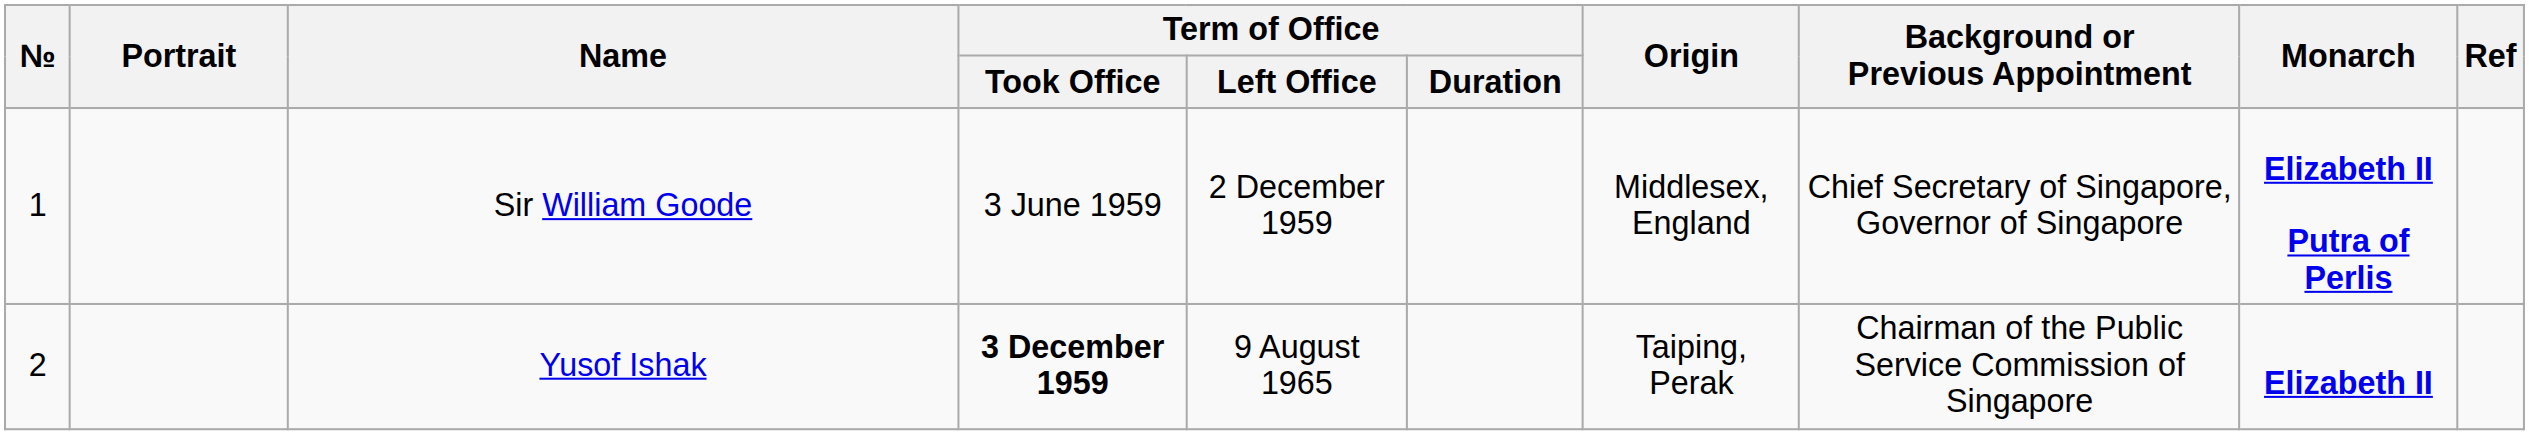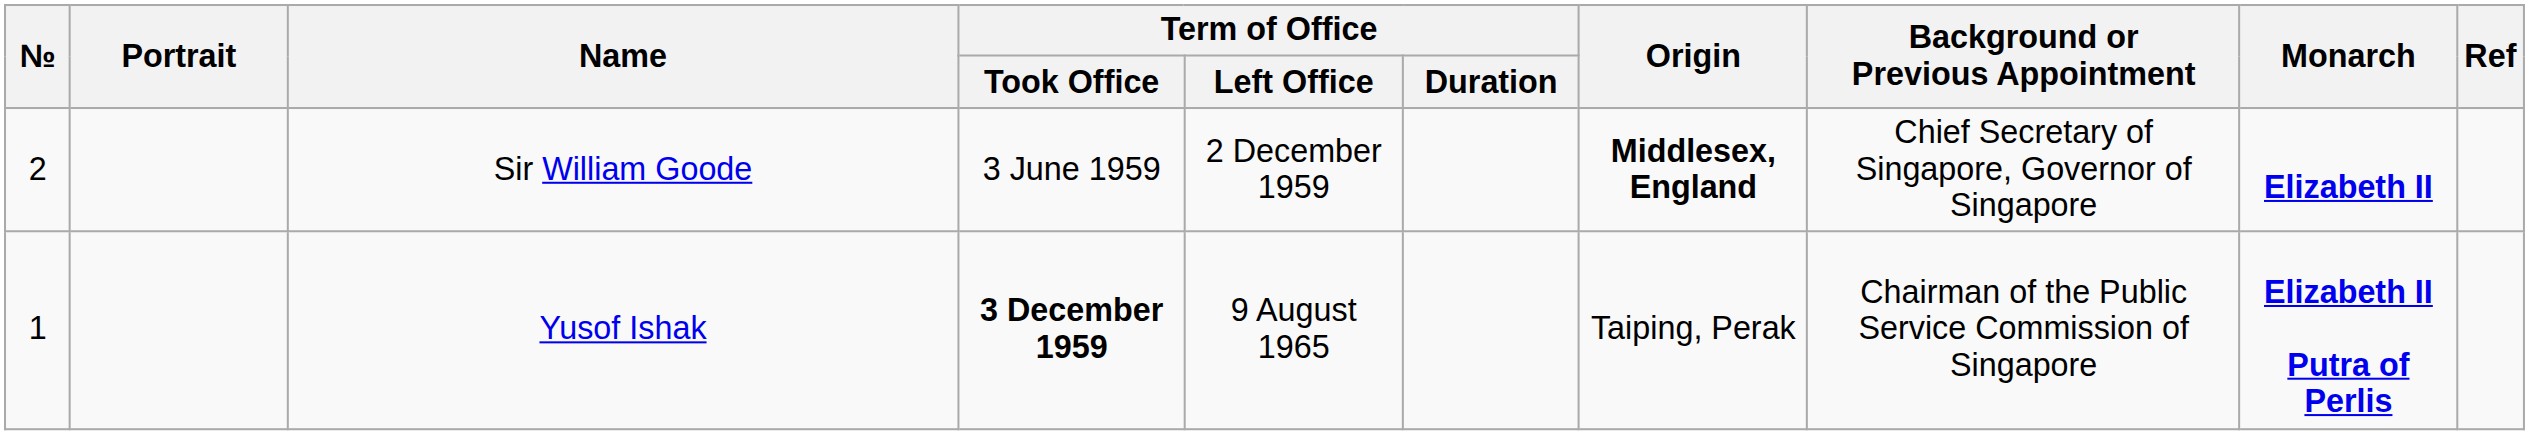 <table class=wikitable style=text-align:center>
 <tr>
 <th rowspan=2 width=25px><strong>№</strong></th>
 <th rowspan=2 width=100px>Portrait</th>
 <th rowspan=2 width=325px>Name<br></th>
 <th colspan=3 width=400px>Term of Office</th>
 <th rowspan=2>Origin</th>
 <th rowspan=2>Background or<br>Previous Appointment</th>
 <th rowspan=2 width=100px>Monarch</th>
 <th rowspan=2>Ref</th>
 </tr>
 <tr>
 <th>Took Office</th>
 <th>Left Office</th>
 <th width=80px>Duration</th>
 </tr>
 <tr>
-<td>1</td>
+<td>2</td>
 <td></td>
 <td>Sir <a href='#'>William Goode</a><br></td>
 <td>3 June 1959</td>
 <td>2 December 1959</td>
 <td></td>
-<td>Middlesex, England</td>
+<td><strong>Middlesex, England</strong></td>
 <td>Chief Secretary of Singapore, Governor of Singapore</td>
-<td><br><strong><a href='#'>Elizabeth II</a></strong><br><br>  <strong><a href='#'>Putra of Perlis</a></strong><br></td>
+<td><br><strong><a href='#'>Elizabeth II</a></strong></td>
 <td></td>
 </tr>
 <tr>
-<td>2</td>
+<td>1</td>
 <td></td>
 <td><a href='#'>Yusof Ishak</a><br></td>
 <td><strong>3 December 1959</strong></td>
 <td>9 August 1965</td>
 <td></td>
 <td>Taiping, Perak</td>
 <td>Chairman of the Public Service Commission of Singapore</td>
-<td><br><strong><a href='#'>Elizabeth II</a></strong></td>
+<td><br><strong><a href='#'>Elizabeth II</a></strong><br><br>  <strong><a href='#'>Putra of Perlis</a></strong><br></td>
 <td></td>
 </tr>
 </table>
